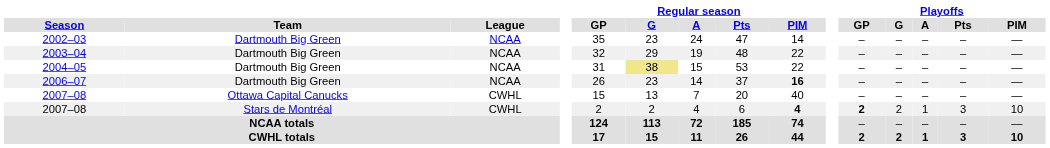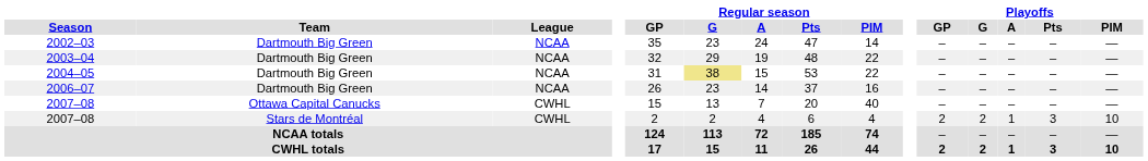 <table border="0" cellpadding="1" cellspacing="0" width="75%" style="text-align:center">
 <tr>
 <th colspan="3" bgcolor="#ffffff"> </th>
 <th rowspan="99" bgcolor="#ffffff"> </th>
 <th colspan="5"><a href='#'>Regular season</a></th>
 <th rowspan="99" bgcolor="#ffffff"> </th>
 <th colspan="5"><a href='#'>Playoffs</a></th>
 </tr>
 <tr bgcolor="#e0e0e0">
 <th><a href='#'>Season</a></th>
 <th>Team</th>
 <th>League</th>
 <th>GP</th>
 <th><a href='#'>G</a></th>
 <th><a href='#'>A</a></th>
 <th><a href='#'>Pts</a></th>
 <th><a href='#'>PIM</a></th>
 <th>GP</th>
 <th>G</th>
 <th>A</th>
 <th>Pts</th>
 <th>PIM</th>
 </tr>
 <tr>
 <td><a href='#'>2002–03</a></td>
 <td><a href='#'>Dartmouth Big Green</a></td>
 <td><a href='#'>NCAA</a></td>
 <td>35</td>
 <td>23</td>
 <td>24</td>
 <td>47</td>
 <td>14</td>
 <td>–</td>
 <td>–</td>
 <td>–</td>
 <td>–</td>
 <td>—</td>
 </tr>
 <tr bgcolor="#f0f0f0">
 <td><a href='#'>2003–04</a></td>
 <td>Dartmouth Big Green</td>
 <td>NCAA</td>
 <td>32</td>
 <td>29</td>
 <td>19</td>
 <td>48</td>
 <td>22</td>
 <td>–</td>
 <td>–</td>
 <td>–</td>
 <td>–</td>
 <td>—</td>
 </tr>
 <tr>
 <td><a href='#'>2004–05</a></td>
 <td>Dartmouth Big Green</td>
 <td>NCAA</td>
 <td>31</td>
 <td style="background: khaki;">38</td>
 <td>15</td>
 <td>53</td>
 <td>22</td>
 <td>–</td>
 <td>–</td>
 <td>–</td>
 <td>–</td>
 <td>—</td>
 </tr>
 <tr bgcolor="#f0f0f0">
 <td><a href='#'>2006–07</a></td>
 <td>Dartmouth Big Green</td>
 <td>NCAA</td>
 <td>26</td>
 <td>23</td>
 <td>14</td>
 <td>37</td>
-<td><strong>16</strong></td>
+<td>16</td>
 <td>–</td>
 <td>–</td>
 <td>–</td>
 <td>–</td>
 <td>—</td>
 </tr>
 <tr>
 <td><a href='#'>2007–08</a></td>
 <td><a href='#'>Ottawa Capital Canucks</a></td>
 <td>CWHL</td>
 <td>15</td>
 <td>13</td>
 <td>7</td>
 <td>20</td>
 <td>40</td>
 <td>–</td>
 <td>–</td>
 <td>–</td>
 <td>–</td>
 <td>—</td>
 </tr>
 <tr bgcolor="#f0f0f0">
 <td>2007–08</td>
 <td><a href='#'>Stars de Montréal</a></td>
 <td>CWHL</td>
 <td>2</td>
 <td>2</td>
 <td>4</td>
 <td>6</td>
-<td><strong>4</strong></td>
-<td><strong>2</strong></td>
+<td>4</td>
+<td>2</td>
 <td>2</td>
 <td>1</td>
 <td>3</td>
 <td>10</td>
 </tr>
 <tr bgcolor="#e0e0e0">
 <th colspan="3">NCAA totals</th>
 <th>124</th>
 <th>113</th>
 <th>72</th>
 <th>185</th>
 <th>74</th>
 <td>–</td>
 <td>–</td>
 <td>–</td>
 <td>–</td>
 <td>—</td>
 </tr>
 <tr bgcolor="#e0e0e0">
 <th colspan="3">CWHL totals</th>
 <th>17</th>
 <th>15</th>
 <th>11</th>
 <th>26</th>
 <th>44</th>
 <th>2</th>
 <th>2</th>
 <th>1</th>
 <th>3</th>
 <th>10</th>
 </tr>
 </table>
